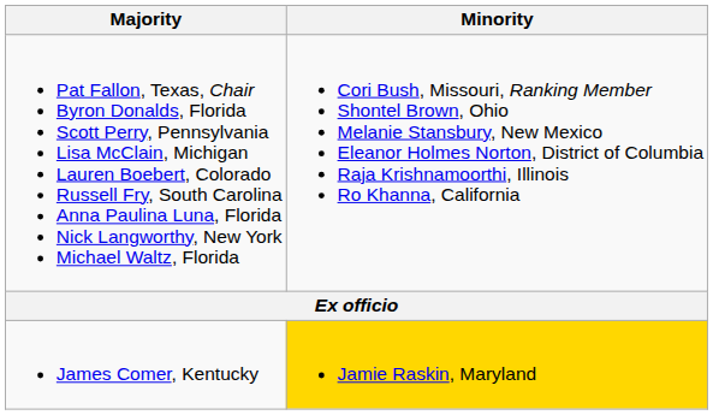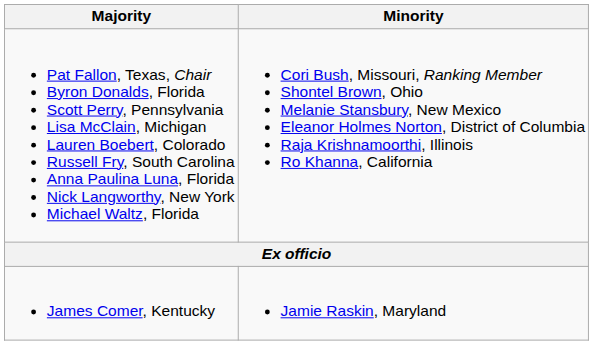 <table class=wikitable>
 <tr>
 <th>Majority</th>
 <th>Minority</th>
 </tr>
 <tr valign=top>
 <td><br><ul><li><a href='#'>Pat Fallon</a>, Texas, <em>Chair</em></li><li><a href='#'>Byron Donalds</a>, Florida</li><li><a href='#'>Scott Perry</a>, Pennsylvania</li><li><a href='#'>Lisa McClain</a>, Michigan</li><li><a href='#'>Lauren Boebert</a>, Colorado</li><li><a href='#'>Russell Fry</a>, South Carolina</li><li><a href='#'>Anna Paulina Luna</a>, Florida</li><li><a href='#'>Nick Langworthy</a>, New York</li><li><a href='#'>Michael Waltz</a>, Florida</li></ul></td>
 <td><br><ul><li><a href='#'>Cori Bush</a>, Missouri, <em>Ranking Member</em></li><li><a href='#'>Shontel Brown</a>, Ohio</li><li><a href='#'>Melanie Stansbury</a>, New Mexico</li><li><a href='#'>Eleanor Holmes Norton</a>, District of Columbia</li><li><a href='#'>Raja Krishnamoorthi</a>, Illinois</li><li><a href='#'>Ro Khanna</a>, California</li></ul></td>
 </tr>
 <tr>
 <th colspan=2><em>Ex officio</em></th>
 </tr>
 <tr>
 <td><br><ul><li><a href='#'>James Comer</a>, Kentucky</li></ul></td>
-<td style="background: gold;"><br><ul><li><a href='#'>Jamie Raskin</a>, Maryland</li></ul></td>
+<td><br><ul><li><a href='#'>Jamie Raskin</a>, Maryland</li></ul></td>
 </tr>
 </table>
